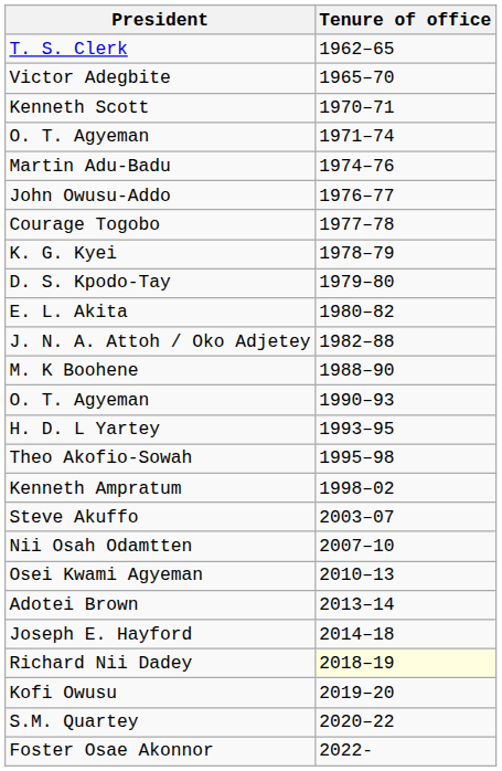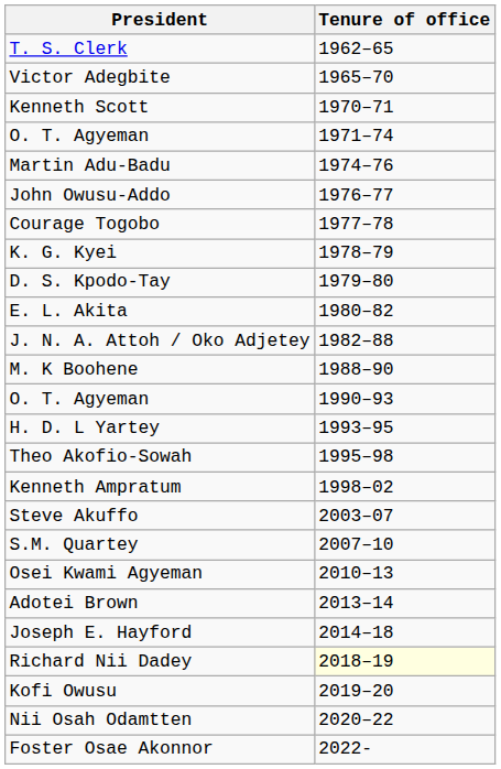 <table class="wikitable">
 <tr>
 <th>President</th>
 <th>Tenure of office</th>
 </tr>
 <tr>
 <td><a href='#'>T. S. Clerk</a></td>
 <td>1962–65</td>
 </tr>
 <tr>
 <td>Victor Adegbite</td>
 <td>1965–70</td>
 </tr>
 <tr>
 <td>Kenneth Scott</td>
 <td>1970–71</td>
 </tr>
 <tr>
 <td>O. T. Agyeman</td>
 <td>1971–74</td>
 </tr>
 <tr>
 <td>Martin Adu-Badu</td>
 <td>1974–76</td>
 </tr>
 <tr>
 <td>John Owusu-Addo</td>
 <td>1976–77</td>
 </tr>
 <tr>
 <td>Courage Togobo</td>
 <td>1977–78</td>
 </tr>
 <tr>
 <td>K. G. Kyei</td>
 <td>1978–79</td>
 </tr>
 <tr>
 <td>D. S. Kpodo-Tay</td>
 <td>1979–80</td>
 </tr>
 <tr>
 <td>E. L. Akita</td>
 <td>1980–82</td>
 </tr>
 <tr>
 <td>J. N. A. Attoh / Oko Adjetey</td>
 <td>1982–88</td>
 </tr>
 <tr>
 <td>M. K Boohene</td>
 <td>1988–90</td>
 </tr>
 <tr>
 <td>O. T. Agyeman</td>
 <td>1990–93</td>
 </tr>
 <tr>
 <td>H. D. L Yartey</td>
 <td>1993–95</td>
 </tr>
 <tr>
 <td>Theo Akofio-Sowah</td>
 <td>1995–98</td>
 </tr>
 <tr>
 <td>Kenneth Ampratum</td>
 <td>1998–02</td>
 </tr>
 <tr>
 <td>Steve Akuffo</td>
 <td>2003–07</td>
 </tr>
 <tr>
-<td>Nii Osah Odamtten</td>
+<td>S.M. Quartey</td>
 <td>2007–10</td>
 </tr>
 <tr>
 <td>Osei Kwami Agyeman</td>
 <td>2010–13</td>
 </tr>
 <tr>
 <td>Adotei Brown</td>
 <td>2013–14</td>
 </tr>
 <tr>
 <td>Joseph E. Hayford</td>
 <td>2014–18</td>
 </tr>
 <tr>
 <td>Richard Nii Dadey</td>
 <td style="background: lightyellow;">2018–19</td>
 </tr>
 <tr>
 <td>Kofi Owusu</td>
 <td>2019–20</td>
 </tr>
 <tr>
-<td>S.M. Quartey</td>
+<td>Nii Osah Odamtten</td>
 <td>2020–22</td>
 </tr>
 <tr>
 <td>Foster Osae Akonnor</td>
 <td>2022-</td>
 </tr>
 </table>
